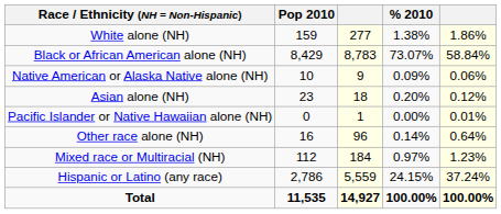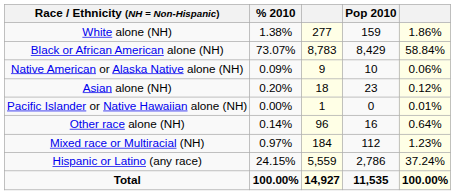 <table class="wikitable" style="text-align:center;">
 <tr>
 <th>Race / Ethnicity <small>(<em>NH = Non-Hispanic</em>)</small></th>
+<th>% 2010</th>
+<th></th>
 <th>Pop 2010</th>
-<th></th>
-<th>% 2010</th>
 <th></th>
 </tr>
 <tr>
 <td><a href='#'>White</a> alone (NH)</td>
+<td>1.38%</td>
+<td style='background: #ffffe6;'>277</td>
 <td>159</td>
-<td style='background: #ffffe6;'>277</td>
-<td>1.38%</td>
 <td style='background: #ffffe6;'>1.86%</td>
 </tr>
 <tr>
 <td><a href='#'>Black or African American</a> alone (NH)</td>
+<td>73.07%</td>
+<td style='background: #ffffe6;'>8,783</td>
 <td>8,429</td>
-<td style='background: #ffffe6;'>8,783</td>
-<td>73.07%</td>
 <td style='background: #ffffe6;'>58.84%</td>
 </tr>
 <tr>
 <td><a href='#'>Native American</a> or <a href='#'>Alaska Native</a> alone (NH)</td>
+<td>0.09%</td>
+<td style='background: #ffffe6;'>9</td>
 <td>10</td>
-<td style='background: #ffffe6;'>9</td>
-<td>0.09%</td>
 <td style='background: #ffffe6;'>0.06%</td>
 </tr>
 <tr>
 <td><a href='#'>Asian</a> alone (NH)</td>
+<td>0.20%</td>
+<td style='background: #ffffe6;'>18</td>
 <td>23</td>
-<td style='background: #ffffe6;'>18</td>
-<td>0.20%</td>
 <td style='background: #ffffe6;'>0.12%</td>
 </tr>
 <tr>
 <td><a href='#'>Pacific Islander</a> or <a href='#'>Native Hawaiian</a> alone (NH)</td>
+<td>0.00%</td>
+<td style='background: #ffffe6;'>1</td>
 <td>0</td>
-<td style='background: #ffffe6;'>1</td>
-<td>0.00%</td>
 <td style='background: #ffffe6;'>0.01%</td>
 </tr>
 <tr>
 <td><a href='#'>Other race</a> alone (NH)</td>
+<td>0.14%</td>
+<td style='background: #ffffe6;'>96</td>
 <td>16</td>
-<td style='background: #ffffe6;'>96</td>
-<td>0.14%</td>
 <td style='background: #ffffe6;'>0.64%</td>
 </tr>
 <tr>
 <td><a href='#'>Mixed race or Multiracial</a> (NH)</td>
+<td>0.97%</td>
+<td style='background: #ffffe6;'>184</td>
 <td>112</td>
-<td style='background: #ffffe6;'>184</td>
-<td>0.97%</td>
 <td style='background: #ffffe6;'>1.23%</td>
 </tr>
 <tr>
 <td><a href='#'>Hispanic or Latino</a> (any race)</td>
+<td>24.15%</td>
+<td style='background: #ffffe6;'>5,559</td>
 <td>2,786</td>
-<td style='background: #ffffe6;'>5,559</td>
-<td>24.15%</td>
 <td style='background: #ffffe6;'>37.24%</td>
 </tr>
 <tr>
 <td><strong>Total</strong></td>
+<td><strong>100.00%</strong></td>
+<td style='background: #ffffe6;'><strong>14,927</strong></td>
 <td><strong>11,535</strong></td>
-<td style='background: #ffffe6;'><strong>14,927</strong></td>
-<td><strong>100.00%</strong></td>
 <td style='background: #ffffe6;'><strong>100.00%</strong></td>
 </tr>
 </table>
